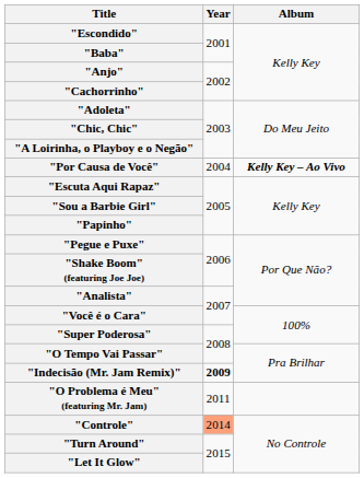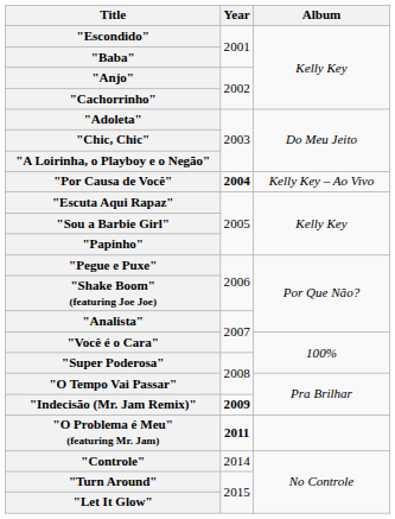 <table class="wikitable plainrowheaders" style="text-align:center;" border="1">
 <tr>
 <th scope="col" style="width:16em;">Title</th>
 <th scope="col">Year</th>
 <th scope="col" style="width:10em;">Album</th>
 </tr>
 <tr>
 <th scope="row">"Escondido"</th>
 <td rowspan="2">2001</td>
 <td align="center" rowspan="4"><em>Kelly Key</em></td>
 </tr>
 <tr>
 <th scope="row">"Baba"</th>
 </tr>
 <tr>
 <th scope="row">"Anjo"</th>
 <td rowspan="2">2002</td>
 </tr>
 <tr>
 <th scope="row">"Cachorrinho"</th>
 </tr>
 <tr>
 <th scope="row">"Adoleta"</th>
 <td rowspan="3">2003</td>
 <td align="center" rowspan="3"><em>Do Meu Jeito</em></td>
 </tr>
 <tr>
 <th scope="row">"Chic, Chic"</th>
 </tr>
 <tr>
 <th scope="row">"A Loirinha, o Playboy e o Negão"</th>
 </tr>
 <tr>
 <th scope="row">"Por Causa de Você"</th>
-<td>2004</td>
-<td align="center"><strong><em>Kelly Key – Ao Vivo</em></strong></td>
+<td><strong>2004</strong></td>
+<td align="center"><em>Kelly Key – Ao Vivo</em></td>
 </tr>
 <tr>
 <th scope="row">"Escuta Aqui Rapaz"</th>
 <td rowspan="3">2005</td>
 <td align="center" rowspan="3"><em>Kelly Key</em></td>
 </tr>
 <tr>
 <th scope="row">"Sou a Barbie Girl"</th>
 </tr>
 <tr>
 <th scope="row">"Papinho"</th>
 </tr>
 <tr>
 <th scope="row">"Pegue e Puxe"</th>
 <td rowspan="2">2006</td>
 <td align="center" rowspan="3"><em>Por Que Não?</em></td>
 </tr>
 <tr>
 <th scope="row">"Shake Boom" <br><small>(featuring Joe Joe)</small></th>
 </tr>
 <tr>
 <th scope="row">"Analista"</th>
 <td rowspan="2">2007</td>
 </tr>
 <tr>
 <th scope="row">"Você é o Cara"</th>
 <td align="center" rowspan="2"><em>100%</em></td>
 </tr>
 <tr>
 <th scope="row">"Super Poderosa"</th>
 <td rowspan="2">2008</td>
 </tr>
 <tr>
 <th scope="row">"O Tempo Vai Passar"</th>
 <td align="center" rowspan="2"><em>Pra Brilhar</em></td>
 </tr>
 <tr>
 <th scope="row">"Indecisão (Mr. Jam Remix)"</th>
 <td><strong>2009</strong></td>
 </tr>
 <tr>
 <th scope="row">"O Problema é Meu" <br><small>(featuring Mr. Jam)</small></th>
-<td>2011</td>
+<td><strong>2011</strong></td>
 <td align="center"></td>
 </tr>
 <tr>
 <th scope="row">"Controle"</th>
-<td style="background: lightsalmon;">2014</td>
+<td>2014</td>
 <td align="center" rowspan="3"><em>No Controle</em></td>
 </tr>
 <tr>
 <th scope="row">"Turn Around"</th>
 <td rowspan="2">2015</td>
 </tr>
 <tr>
 <th scope="row">"Let It Glow"</th>
 </tr>
 </table>
